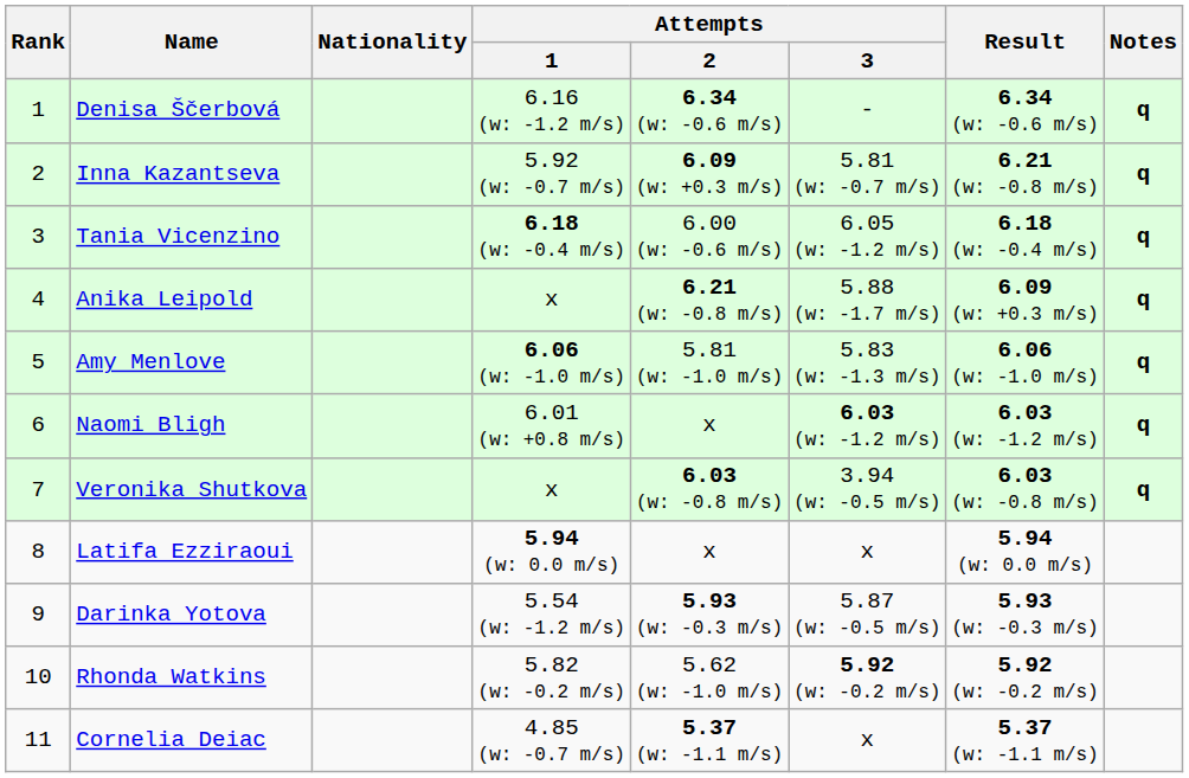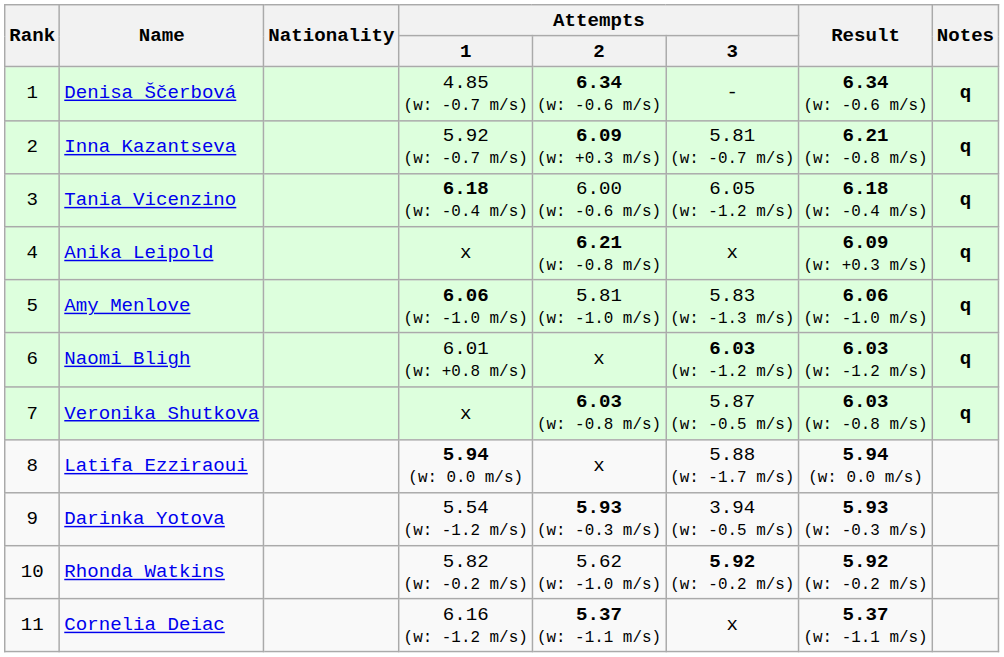 <table class="wikitable sortable" style="text-align:center">
 <tr>
 <th rowspan=2>Rank</th>
 <th rowspan=2>Name</th>
 <th rowspan=2>Nationality</th>
 <th colspan=3>Attempts</th>
 <th rowspan=2>Result</th>
 <th rowspan=2>Notes</th>
 </tr>
 <tr>
 <th>1</th>
 <th>2</th>
 <th>3</th>
 </tr>
 <tr bgcolor=ddffdd>
 <td>1</td>
 <td align=left><a href='#'>Denisa Ščerbová</a></td>
 <td align=left></td>
-<td>6.16<br><small>(w: -1.2 m/s)</small></td>
+<td>4.85<br><small>(w: -0.7 m/s)</small></td>
 <td><strong>6.34</strong><br><small>(w: -0.6 m/s)</small></td>
 <td>-</td>
 <td><strong>6.34</strong> <br><small>(w: -0.6 m/s)</small></td>
 <td><strong>q</strong></td>
 </tr>
 <tr bgcolor=ddffdd>
 <td>2</td>
 <td align=left><a href='#'>Inna Kazantseva</a></td>
 <td align=left></td>
 <td>5.92<br><small>(w: -0.7 m/s)</small></td>
 <td><strong>6.09</strong><br><small>(w: +0.3 m/s)</small></td>
 <td>5.81<br><small>(w: -0.7 m/s)</small></td>
 <td><strong>6.21</strong> <br><small>(w: -0.8 m/s)</small></td>
 <td><strong>q</strong></td>
 </tr>
 <tr bgcolor=ddffdd>
 <td>3</td>
 <td align=left><a href='#'>Tania Vicenzino</a></td>
 <td align=left></td>
 <td><strong>6.18</strong><br><small>(w: -0.4 m/s)</small></td>
 <td>6.00<br><small>(w: -0.6 m/s)</small></td>
 <td>6.05<br><small>(w: -1.2 m/s)</small></td>
 <td><strong>6.18</strong> <br><small>(w: -0.4 m/s)</small></td>
 <td><strong>q</strong></td>
 </tr>
 <tr bgcolor=ddffdd>
 <td>4</td>
 <td align=left><a href='#'>Anika Leipold</a></td>
 <td align=left></td>
 <td>x</td>
 <td><strong>6.21</strong><br><small>(w: -0.8 m/s)</small></td>
-<td>5.88<br><small>(w: -1.7 m/s)</small></td>
+<td>x</td>
 <td><strong>6.09</strong> <br><small>(w: +0.3 m/s)</small></td>
 <td><strong>q</strong></td>
 </tr>
 <tr bgcolor=ddffdd>
 <td>5</td>
 <td align=left><a href='#'>Amy Menlove</a></td>
 <td align=left></td>
 <td><strong>6.06</strong><br><small>(w: -1.0 m/s)</small></td>
 <td>5.81<br><small>(w: -1.0 m/s)</small></td>
 <td>5.83<br><small>(w: -1.3 m/s)</small></td>
 <td><strong>6.06</strong> <br><small>(w: -1.0 m/s)</small></td>
 <td><strong>q</strong></td>
 </tr>
 <tr bgcolor=ddffdd>
 <td>6</td>
 <td align=left><a href='#'>Naomi Bligh</a></td>
 <td align=left></td>
 <td>6.01<br><small>(w: +0.8 m/s)</small></td>
 <td>x</td>
 <td><strong>6.03</strong><br><small>(w: -1.2 m/s)</small></td>
 <td><strong>6.03</strong> <br><small>(w: -1.2 m/s)</small></td>
 <td><strong>q</strong></td>
 </tr>
 <tr bgcolor=ddffdd>
 <td>7</td>
 <td align=left><a href='#'>Veronika Shutkova</a></td>
 <td align=left></td>
 <td>x</td>
 <td><strong>6.03</strong><br><small>(w: -0.8 m/s)</small></td>
-<td>3.94<br><small>(w: -0.5 m/s)</small></td>
+<td>5.87<br><small>(w: -0.5 m/s)</small></td>
 <td><strong>6.03</strong> <br><small>(w: -0.8 m/s)</small></td>
 <td><strong>q</strong></td>
 </tr>
 <tr>
 <td>8</td>
 <td align=left><a href='#'>Latifa Ezziraoui</a></td>
 <td align=left></td>
 <td><strong>5.94</strong><br><small>(w: 0.0 m/s)</small></td>
 <td>x</td>
-<td>x</td>
+<td>5.88<br><small>(w: -1.7 m/s)</small></td>
 <td><strong>5.94</strong> <br><small>(w: 0.0 m/s)</small></td>
 <td></td>
 </tr>
 <tr>
 <td>9</td>
 <td align=left><a href='#'>Darinka Yotova</a></td>
 <td align=left></td>
 <td>5.54<br><small>(w: -1.2 m/s)</small></td>
 <td><strong>5.93</strong><br><small>(w: -0.3 m/s)</small></td>
-<td>5.87<br><small>(w: -0.5 m/s)</small></td>
+<td>3.94<br><small>(w: -0.5 m/s)</small></td>
 <td><strong>5.93</strong> <br><small>(w: -0.3 m/s)</small></td>
 <td></td>
 </tr>
 <tr>
 <td>10</td>
 <td align=left><a href='#'>Rhonda Watkins</a></td>
 <td align=left></td>
 <td>5.82<br><small>(w: -0.2 m/s)</small></td>
 <td>5.62<br><small>(w: -1.0 m/s)</small></td>
 <td><strong>5.92</strong><br><small>(w: -0.2 m/s)</small></td>
 <td><strong>5.92</strong> <br><small>(w: -0.2 m/s)</small></td>
 <td></td>
 </tr>
 <tr>
 <td>11</td>
 <td align=left><a href='#'>Cornelia Deiac</a></td>
 <td align=left></td>
-<td>4.85<br><small>(w: -0.7 m/s)</small></td>
+<td>6.16<br><small>(w: -1.2 m/s)</small></td>
 <td><strong>5.37</strong><br><small>(w: -1.1 m/s)</small></td>
 <td>x</td>
 <td><strong>5.37</strong> <br><small>(w: -1.1 m/s)</small></td>
 <td></td>
 </tr>
 </table>
